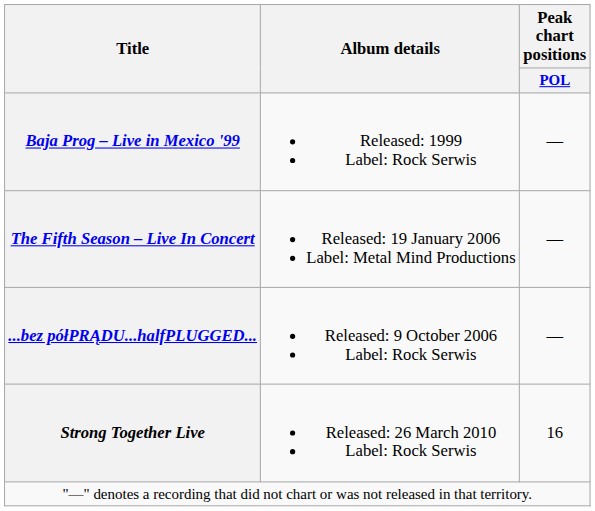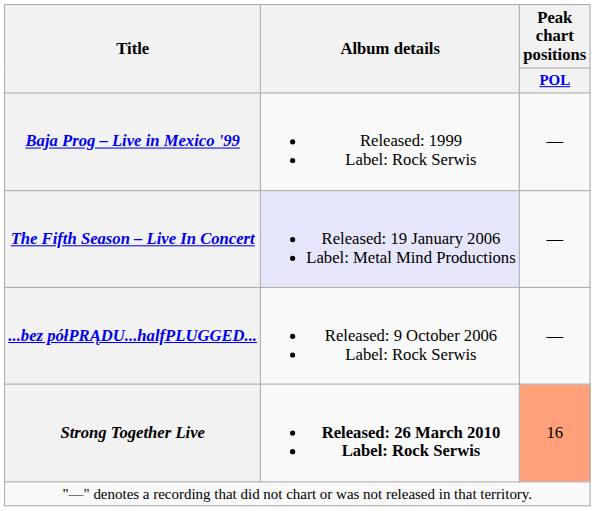 <table class="wikitable plainrowheaders" style="text-align:center;">
 <tr>
 <th scope="col" rowspan="2">Title</th>
 <th scope="col" rowspan="2">Album details</th>
 <th scope="col" colspan="1">Peak chart positions</th>
 </tr>
 <tr>
 <th scope="col" style="width:3em;font-size:90%;"><a href='#'>POL</a><br></th>
 </tr>
 <tr>
 <th scope="row"><em><a href='#'>Baja Prog – Live in Mexico '99</a></em></th>
 <td><br><ul><li>Released: 1999</li><li>Label: Rock Serwis</li></ul></td>
 <td>—</td>
 </tr>
 <tr>
 <th scope="row"><em><a href='#'>The Fifth Season – Live In Concert</a></em></th>
-<td><br><ul><li>Released: 19 January 2006</li><li>Label: Metal Mind Productions</li></ul></td>
+<td style="background: lavender;"><br><ul><li>Released: 19 January 2006</li><li>Label: Metal Mind Productions</li></ul></td>
 <td>—</td>
 </tr>
 <tr>
 <th scope="row"><em><a href='#'>...bez półPRĄDU...halfPLUGGED...</a></em></th>
 <td><br><ul><li>Released: 9 October 2006</li><li>Label: Rock Serwis</li></ul></td>
 <td>—</td>
 </tr>
 <tr>
 <th scope="row"><em>Strong Together Live</em></th>
-<td><br><ul><li>Released: 26 March 2010</li><li>Label: Rock Serwis</li></ul></td>
-<td>16</td>
+<td><strong><br><ul><li>Released: 26 March 2010</li><li>Label: Rock Serwis</li></ul></strong></td>
+<td style="background: lightsalmon;">16</td>
 </tr>
 <tr>
 <td colspan="15" style="font-size:90%">"—" denotes a recording that did not chart or was not released in that territory.</td>
 </tr>
 </table>
